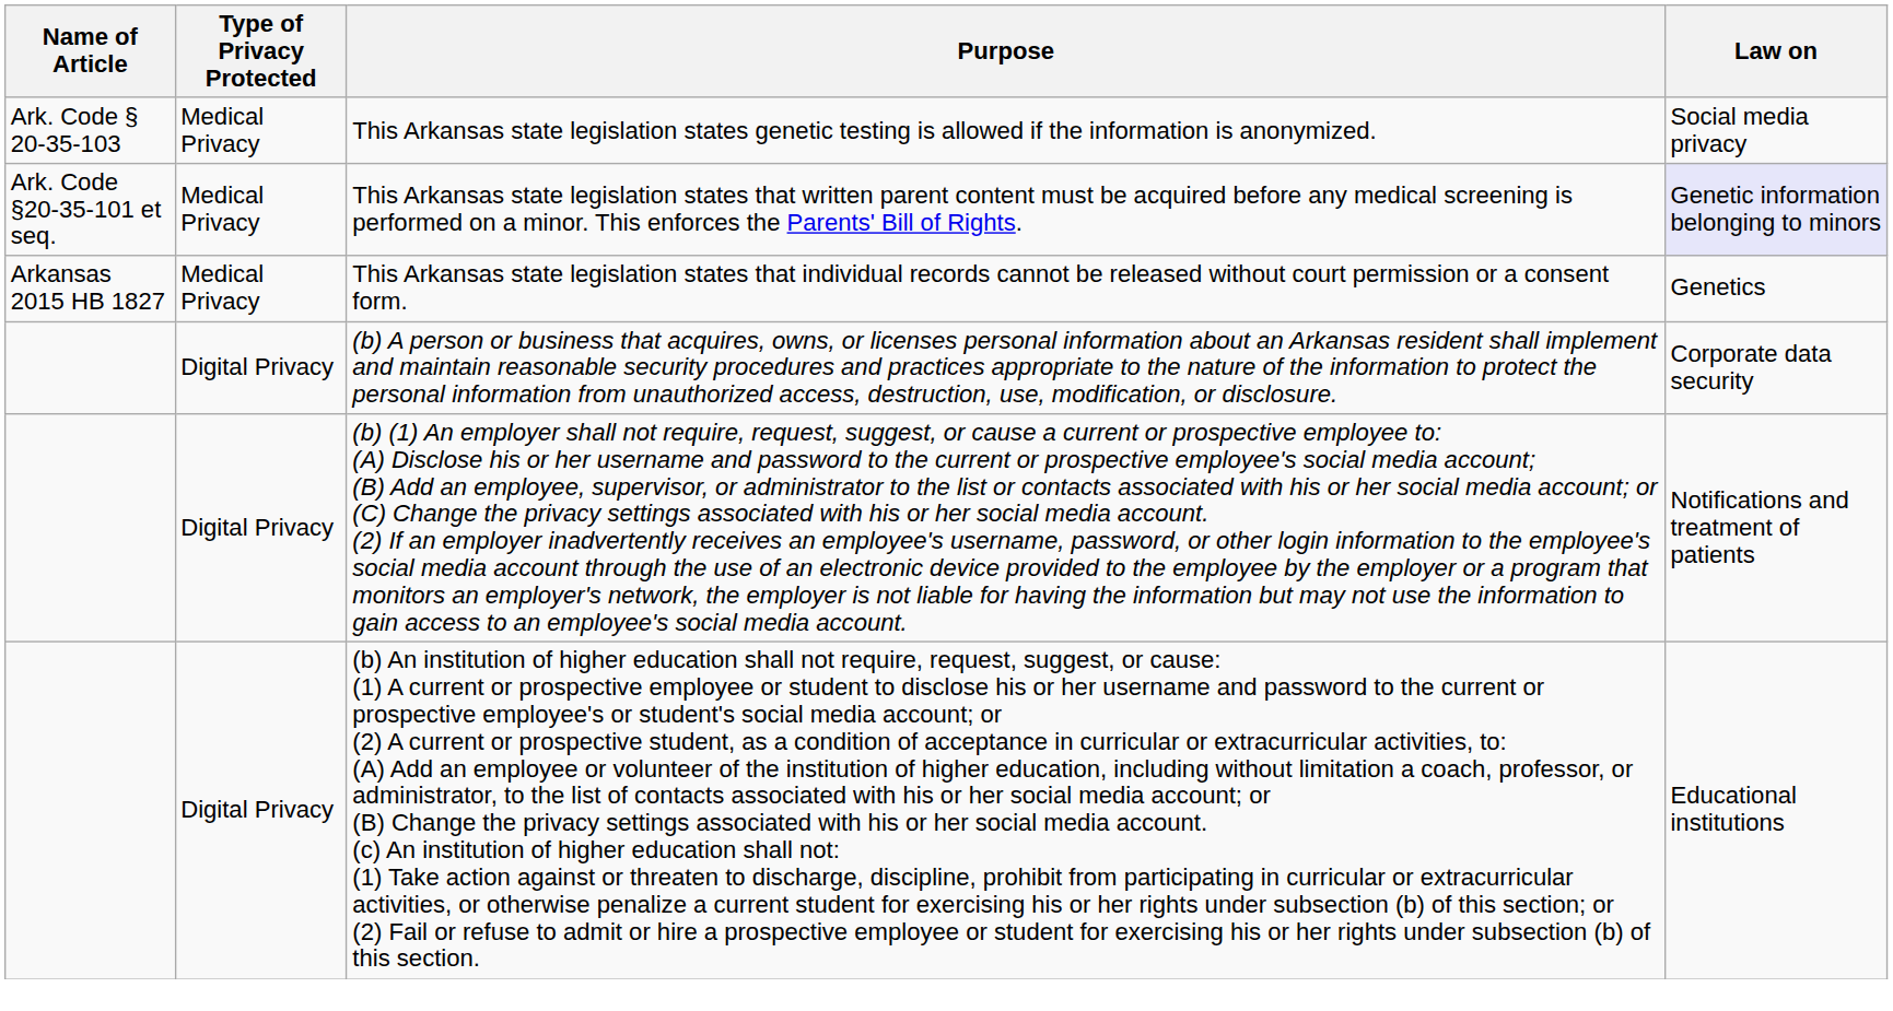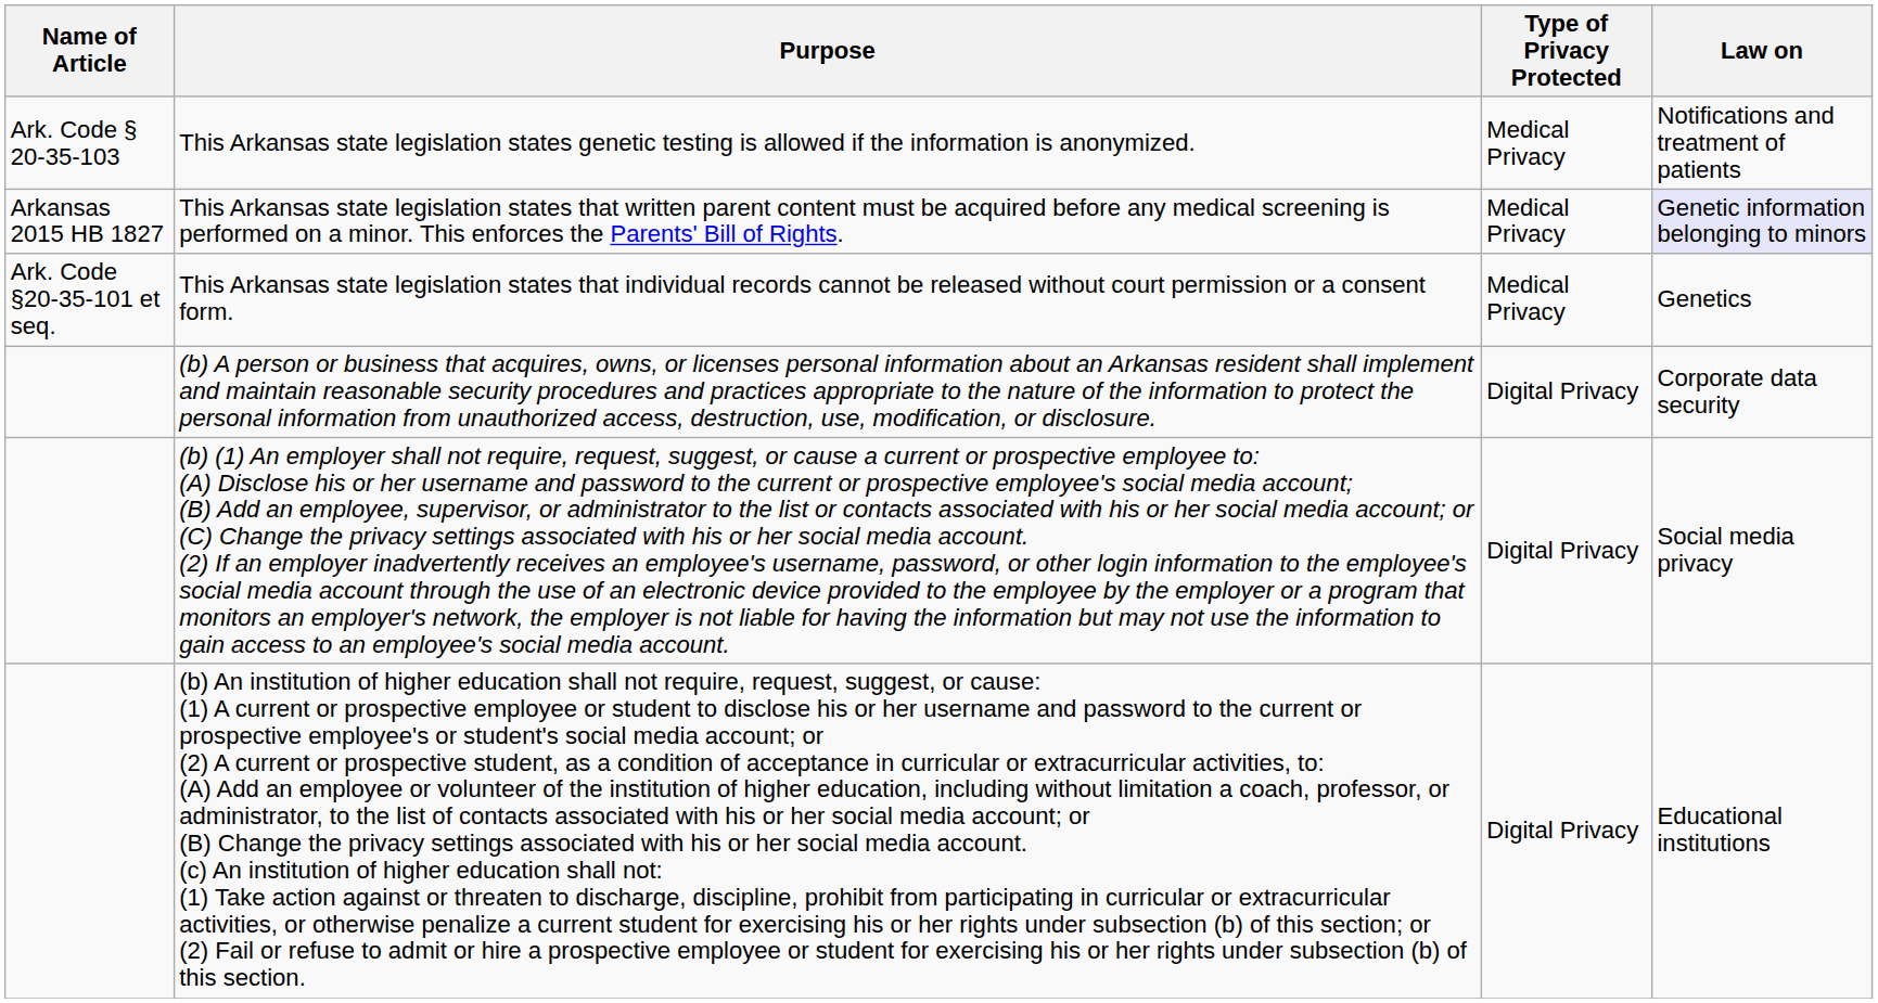 <table class="wikitable">
 <tr>
 <th>Name of Article</th>
+<th>Purpose</th>
 <th>Type of Privacy Protected</th>
-<th>Purpose</th>
 <th>Law on</th>
 </tr>
 <tr>
 <td>Ark. Code § 20-35-103</td>
+<td>This Arkansas state legislation states genetic testing is allowed if the information is anonymized.</td>
 <td>Medical Privacy</td>
-<td>This Arkansas state legislation states genetic testing is allowed if the information is anonymized.</td>
-<td>Social media privacy</td>
+<td>Notifications and treatment of patients</td>
+</tr>
+<tr>
+<td>Arkansas 2015 HB 1827</td>
+<td>This Arkansas state legislation states that written parent content must be acquired before any medical screening is performed on a minor. This enforces the <a href='#'>Parents' Bill of Rights</a>.</td>
+<td>Medical Privacy</td>
+<td style="background: lavender;">Genetic information belonging to minors</td>
 </tr>
 <tr>
 <td>Ark. Code §20-35-101 et seq.</td>
+<td>This Arkansas state legislation states that individual records cannot be released without court permission or a consent form.</td>
 <td>Medical Privacy</td>
-<td>This Arkansas state legislation states that written parent content must be acquired before any medical screening is performed on a minor. This enforces the <a href='#'>Parents' Bill of Rights</a>.</td>
-<td style="background: lavender;">Genetic information belonging to minors</td>
-</tr>
-<tr>
-<td>Arkansas 2015 HB 1827</td>
-<td>Medical Privacy</td>
-<td>This Arkansas state legislation states that individual records cannot be released without court permission or a consent form.</td>
 <td>Genetics</td>
 </tr>
 <tr>
 <td></td>
+<td><em>(b) A person or business that acquires, owns, or licenses personal information about an Arkansas resident shall implement and maintain reasonable security procedures and practices appropriate to the nature of the information to protect the personal information from unauthorized access, destruction, use, modification, or disclosure.</em></td>
 <td>Digital Privacy</td>
-<td><em>(b) A person or business that acquires, owns, or licenses personal information about an Arkansas resident shall implement and maintain reasonable security procedures and practices appropriate to the nature of the information to protect the personal information from unauthorized access, destruction, use, modification, or disclosure.</em></td>
 <td>Corporate data security</td>
 </tr>
 <tr>
 <td></td>
+<td><em>(b) (1) An employer shall not require, request, suggest, or cause a current or prospective employee to:</em><br><em>(A) Disclose his or her username and password to the current or prospective employee's social media account;</em><br><em>(B) Add an employee, supervisor, or administrator to the list or contacts associated with his or her social media account; or</em><br><em>(C) Change the privacy settings associated with his or her social media account.</em><br><em>(2) If an employer inadvertently receives an employee's username, password, or other login information to the employee's social media account through the use of an electronic device provided to the employee by the employer or a program that monitors an employer's network, the employer is not liable for having the information but may not use the information to gain access to an employee's social media account.</em></td>
 <td>Digital Privacy</td>
-<td><em>(b) (1) An employer shall not require, request, suggest, or cause a current or prospective employee to:</em><br><em>(A) Disclose his or her username and password to the current or prospective employee's social media account;</em><br><em>(B) Add an employee, supervisor, or administrator to the list or contacts associated with his or her social media account; or</em><br><em>(C) Change the privacy settings associated with his or her social media account.</em><br><em>(2) If an employer inadvertently receives an employee's username, password, or other login information to the employee's social media account through the use of an electronic device provided to the employee by the employer or a program that monitors an employer's network, the employer is not liable for having the information but may not use the information to gain access to an employee's social media account.</em></td>
-<td>Notifications and treatment of patients</td>
+<td>Social media privacy</td>
 </tr>
 <tr>
 <td></td>
+<td>(b) An institution of higher education shall not require, request, suggest, or cause:<br>(1) A current or prospective employee or student to disclose his or her username and password to the current or prospective employee's or student's social media account; or<br>(2) A current or prospective student, as a condition of acceptance in curricular or extracurricular activities, to:<br>(A) Add an employee or volunteer of the institution of higher education, including without limitation a coach, professor, or administrator, to the list of contacts associated with his or her social media account; or<br>(B) Change the privacy settings associated with his or her social media account.<br>(c) An institution of higher education shall not:<br>(1) Take action against or threaten to discharge, discipline, prohibit from participating in curricular or extracurricular activities, or otherwise penalize a current student for exercising his or her rights under subsection (b) of this section; or<br>(2) Fail or refuse to admit or hire a prospective employee or student for exercising his or her rights under subsection (b) of this section.</td>
 <td>Digital Privacy</td>
-<td>(b) An institution of higher education shall not require, request, suggest, or cause:<br>(1) A current or prospective employee or student to disclose his or her username and password to the current or prospective employee's or student's social media account; or<br>(2) A current or prospective student, as a condition of acceptance in curricular or extracurricular activities, to:<br>(A) Add an employee or volunteer of the institution of higher education, including without limitation a coach, professor, or administrator, to the list of contacts associated with his or her social media account; or<br>(B) Change the privacy settings associated with his or her social media account.<br>(c) An institution of higher education shall not:<br>(1) Take action against or threaten to discharge, discipline, prohibit from participating in curricular or extracurricular activities, or otherwise penalize a current student for exercising his or her rights under subsection (b) of this section; or<br>(2) Fail or refuse to admit or hire a prospective employee or student for exercising his or her rights under subsection (b) of this section.</td>
 <td>Educational institutions</td>
 </tr>
 </table>
